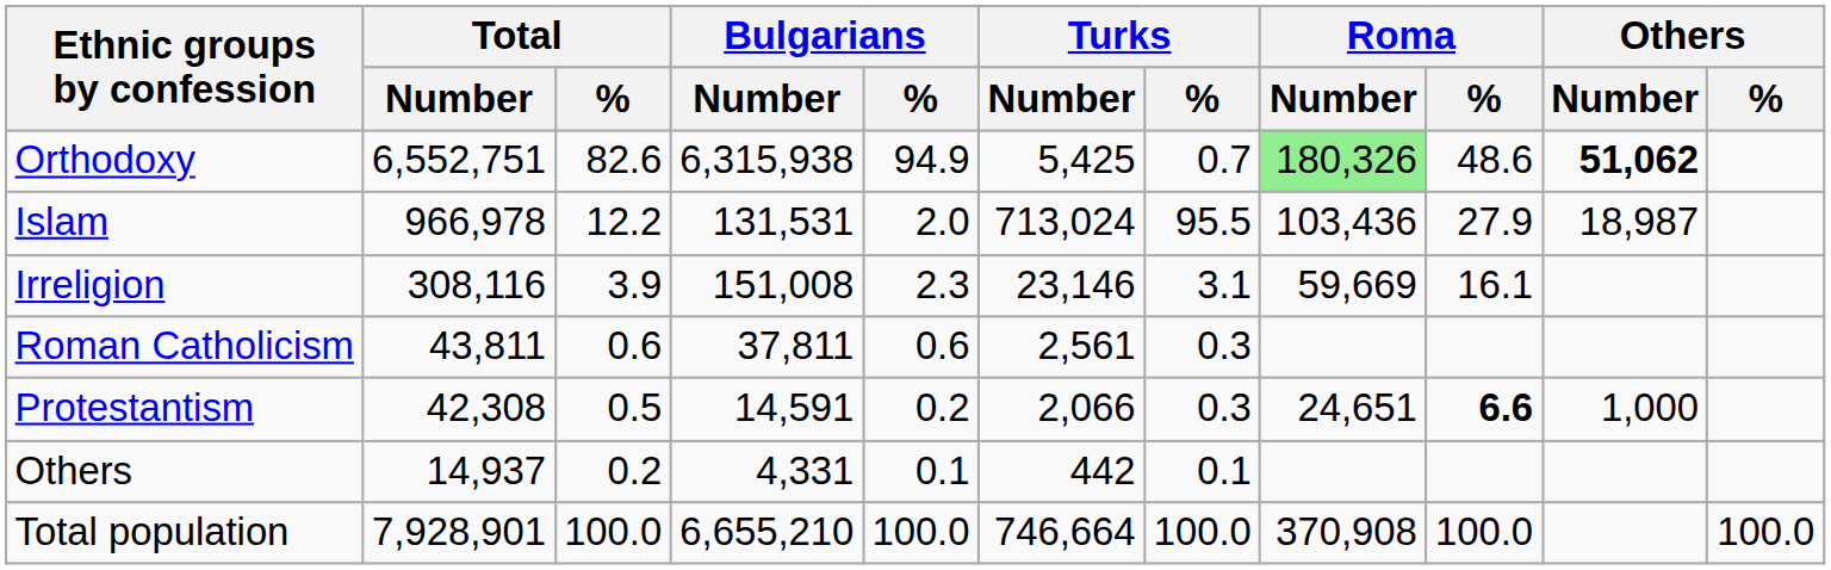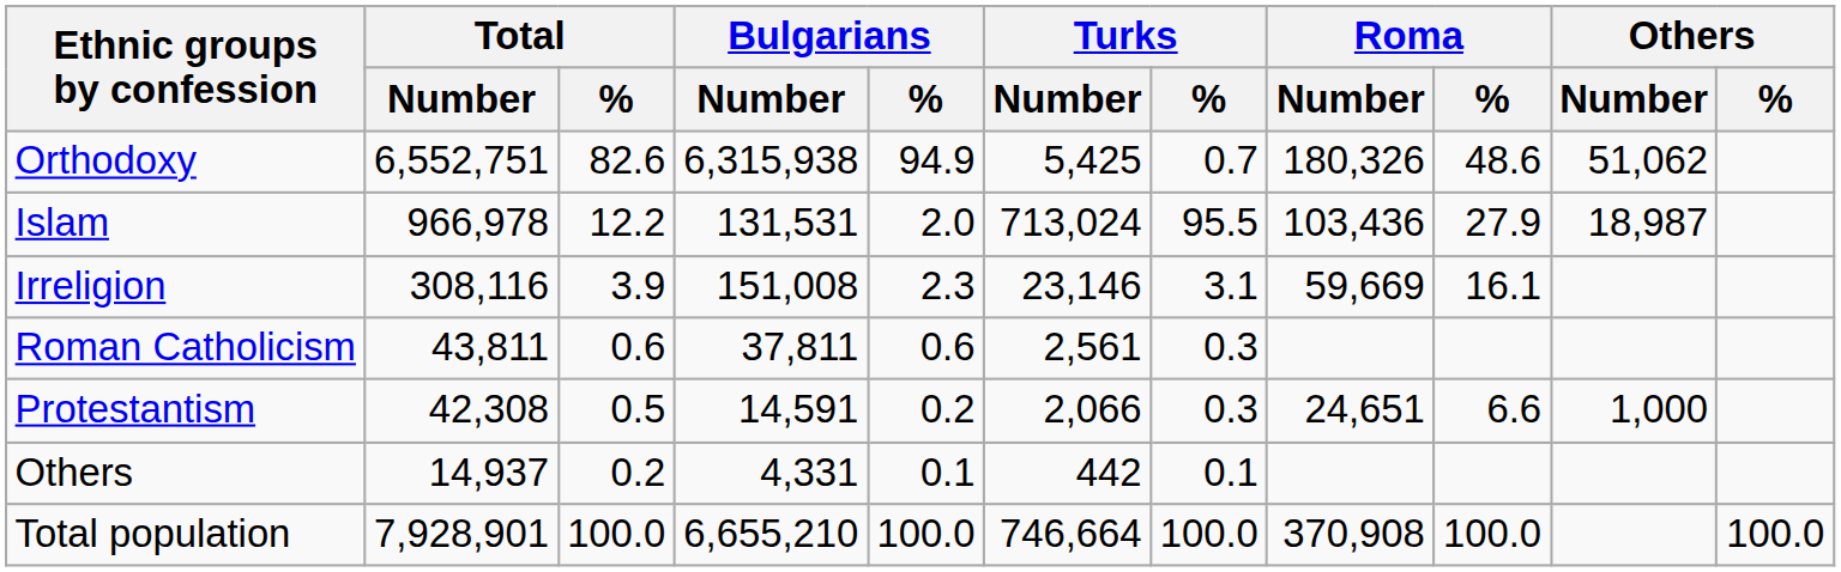 <table class="wikitable">
 <tr style="background:#e0e0e0;">
 <th rowspan="2">Ethnic groups<br>by confession</th>
 <th colspan="2">Total</th>
 <th colspan="2"><a href='#'>Bulgarians</a></th>
 <th colspan="2"><a href='#'>Turks</a></th>
 <th colspan="2"><a href='#'>Roma</a></th>
 <th colspan="2">Others</th>
 </tr>
 <tr style="background:#e0e0e0;">
 <th>Number</th>
 <th>%</th>
 <th>Number</th>
 <th>%</th>
 <th>Number</th>
 <th>%</th>
 <th>Number</th>
 <th>%</th>
 <th>Number</th>
 <th>%</th>
 </tr>
 <tr>
 <td><a href='#'>Orthodoxy</a></td>
 <td style="text-align:right;">6,552,751</td>
 <td style="text-align:right;">82.6</td>
 <td style="text-align:right;">6,315,938</td>
 <td style="text-align:right;">94.9</td>
 <td style="text-align:right;">5,425</td>
 <td style="text-align:right;">0.7</td>
-<td style="background: lightgreen; text-align:right;">180,326</td>
+<td style="text-align:right;">180,326</td>
 <td style="text-align:right;">48.6</td>
-<td style="text-align:right;"><strong>51,062</strong></td>
+<td style="text-align:right;">51,062</td>
 <td style="text-align:right;"></td>
 </tr>
 <tr>
 <td><a href='#'>Islam</a></td>
 <td style="text-align:right;">966,978</td>
 <td style="text-align:right;">12.2</td>
 <td style="text-align:right;">131,531</td>
 <td style="text-align:right;">2.0</td>
 <td style="text-align:right;">713,024</td>
 <td style="text-align:right;">95.5</td>
 <td style="text-align:right;">103,436</td>
 <td style="text-align:right;">27.9</td>
 <td style="text-align:right;">18,987</td>
 <td style="text-align:right;"></td>
 </tr>
 <tr>
 <td><a href='#'>Irreligion</a></td>
 <td style="text-align:right;">308,116</td>
 <td style="text-align:right;">3.9</td>
 <td style="text-align:right;">151,008</td>
 <td style="text-align:right;">2.3</td>
 <td style="text-align:right;">23,146</td>
 <td style="text-align:right;">3.1</td>
 <td style="text-align:right;">59,669</td>
 <td style="text-align:right;">16.1</td>
 <td style="text-align:right;"></td>
 <td style="text-align:right;"></td>
 </tr>
 <tr>
 <td><a href='#'>Roman Catholicism</a></td>
 <td style="text-align:right;">43,811</td>
 <td style="text-align:right;">0.6</td>
 <td style="text-align:right;">37,811</td>
 <td style="text-align:right;">0.6</td>
 <td style="text-align:right;">2,561</td>
 <td style="text-align:right;">0.3</td>
 <td style="text-align:right;"></td>
 <td style="text-align:right;"></td>
 <td style="text-align:right;"></td>
 <td style="text-align:right;"></td>
 </tr>
 <tr>
 <td><a href='#'>Protestantism</a></td>
 <td style="text-align:right;">42,308</td>
 <td style="text-align:right;">0.5</td>
 <td style="text-align:right;">14,591</td>
 <td style="text-align:right;">0.2</td>
 <td style="text-align:right;">2,066</td>
 <td style="text-align:right;">0.3</td>
 <td style="text-align:right;">24,651</td>
-<td style="text-align:right;"><strong>6.6</strong></td>
+<td style="text-align:right;">6.6</td>
 <td style="text-align:right;">1,000</td>
 <td style="text-align:right;"></td>
 </tr>
 <tr>
 <td>Others</td>
 <td style="text-align:right;">14,937</td>
 <td style="text-align:right;">0.2</td>
 <td style="text-align:right;">4,331</td>
 <td style="text-align:right;">0.1</td>
 <td style="text-align:right;">442</td>
 <td style="text-align:right;">0.1</td>
 <td style="text-align:right;"></td>
 <td style="text-align:right;"></td>
 <td style="text-align:right;"></td>
 <td style="text-align:right;"></td>
 </tr>
 <tr>
 <td>Total population</td>
 <td style="text-align:right;">7,928,901</td>
 <td style="text-align:right;">100.0</td>
 <td style="text-align:right;">6,655,210</td>
 <td style="text-align:right;">100.0</td>
 <td style="text-align:right;">746,664</td>
 <td style="text-align:right;">100.0</td>
 <td style="text-align:right;">370,908</td>
 <td style="text-align:right;">100.0</td>
 <td style="text-align:right;"></td>
 <td style="text-align:right;">100.0</td>
 </tr>
 </table>
